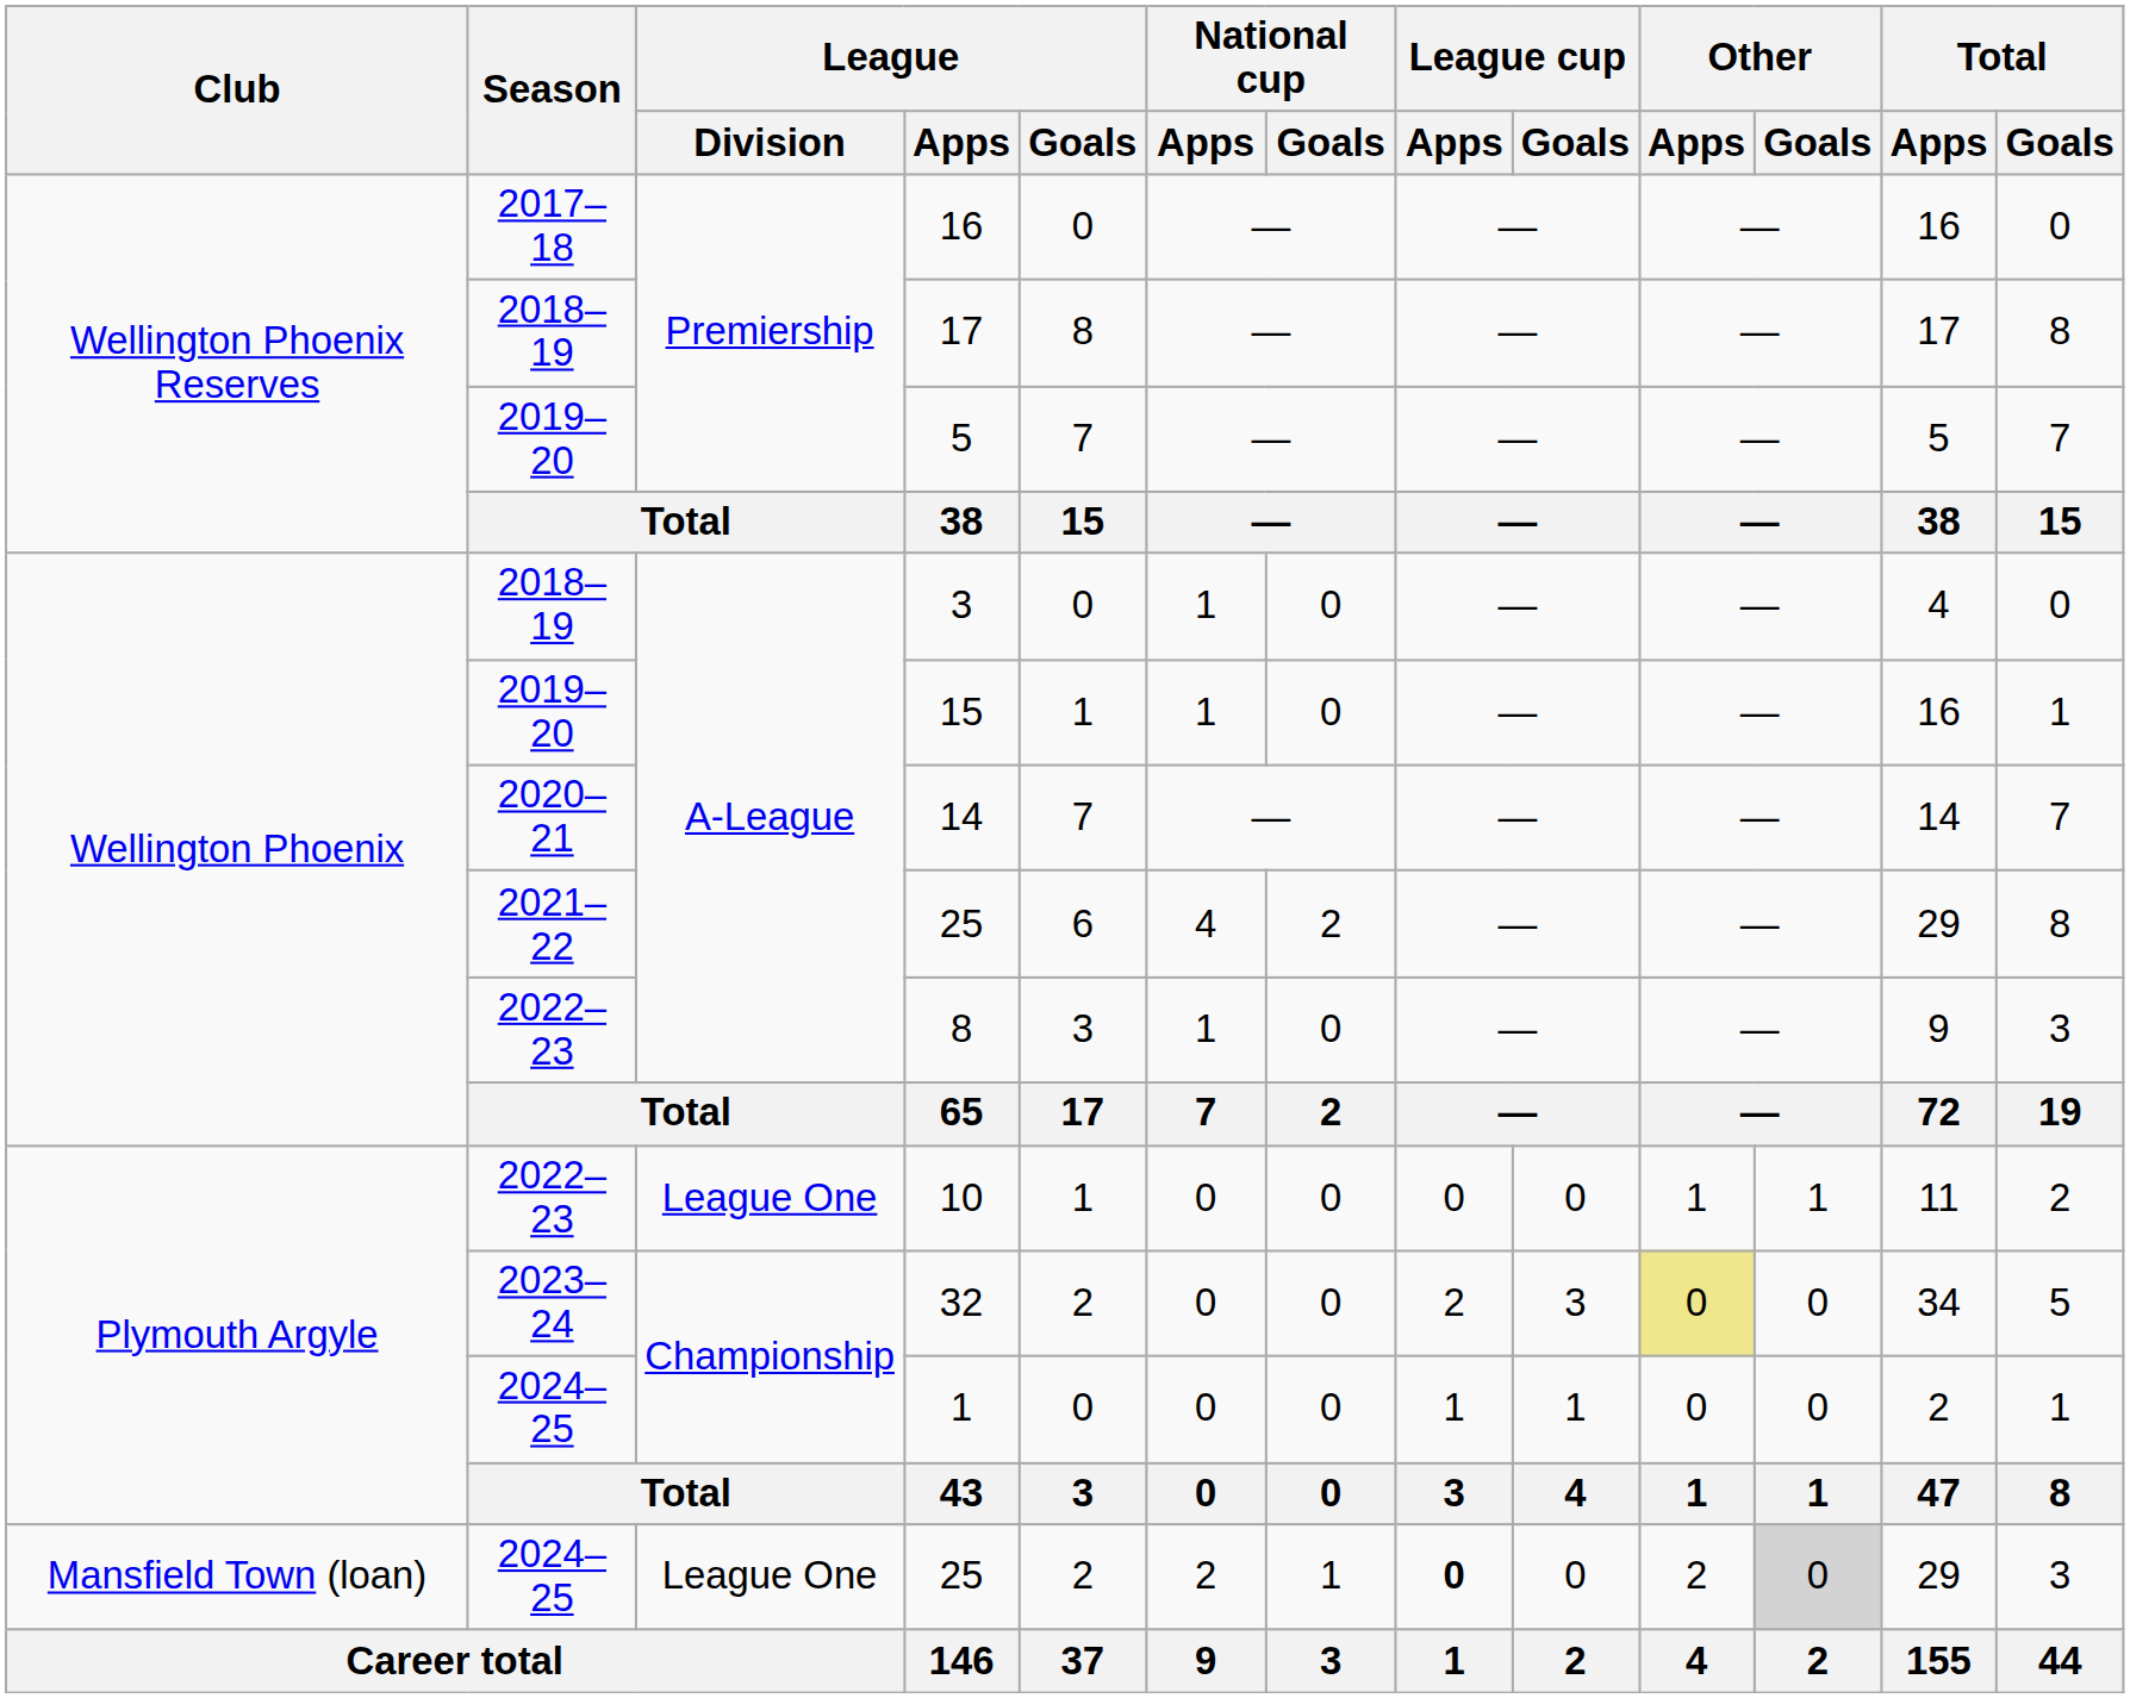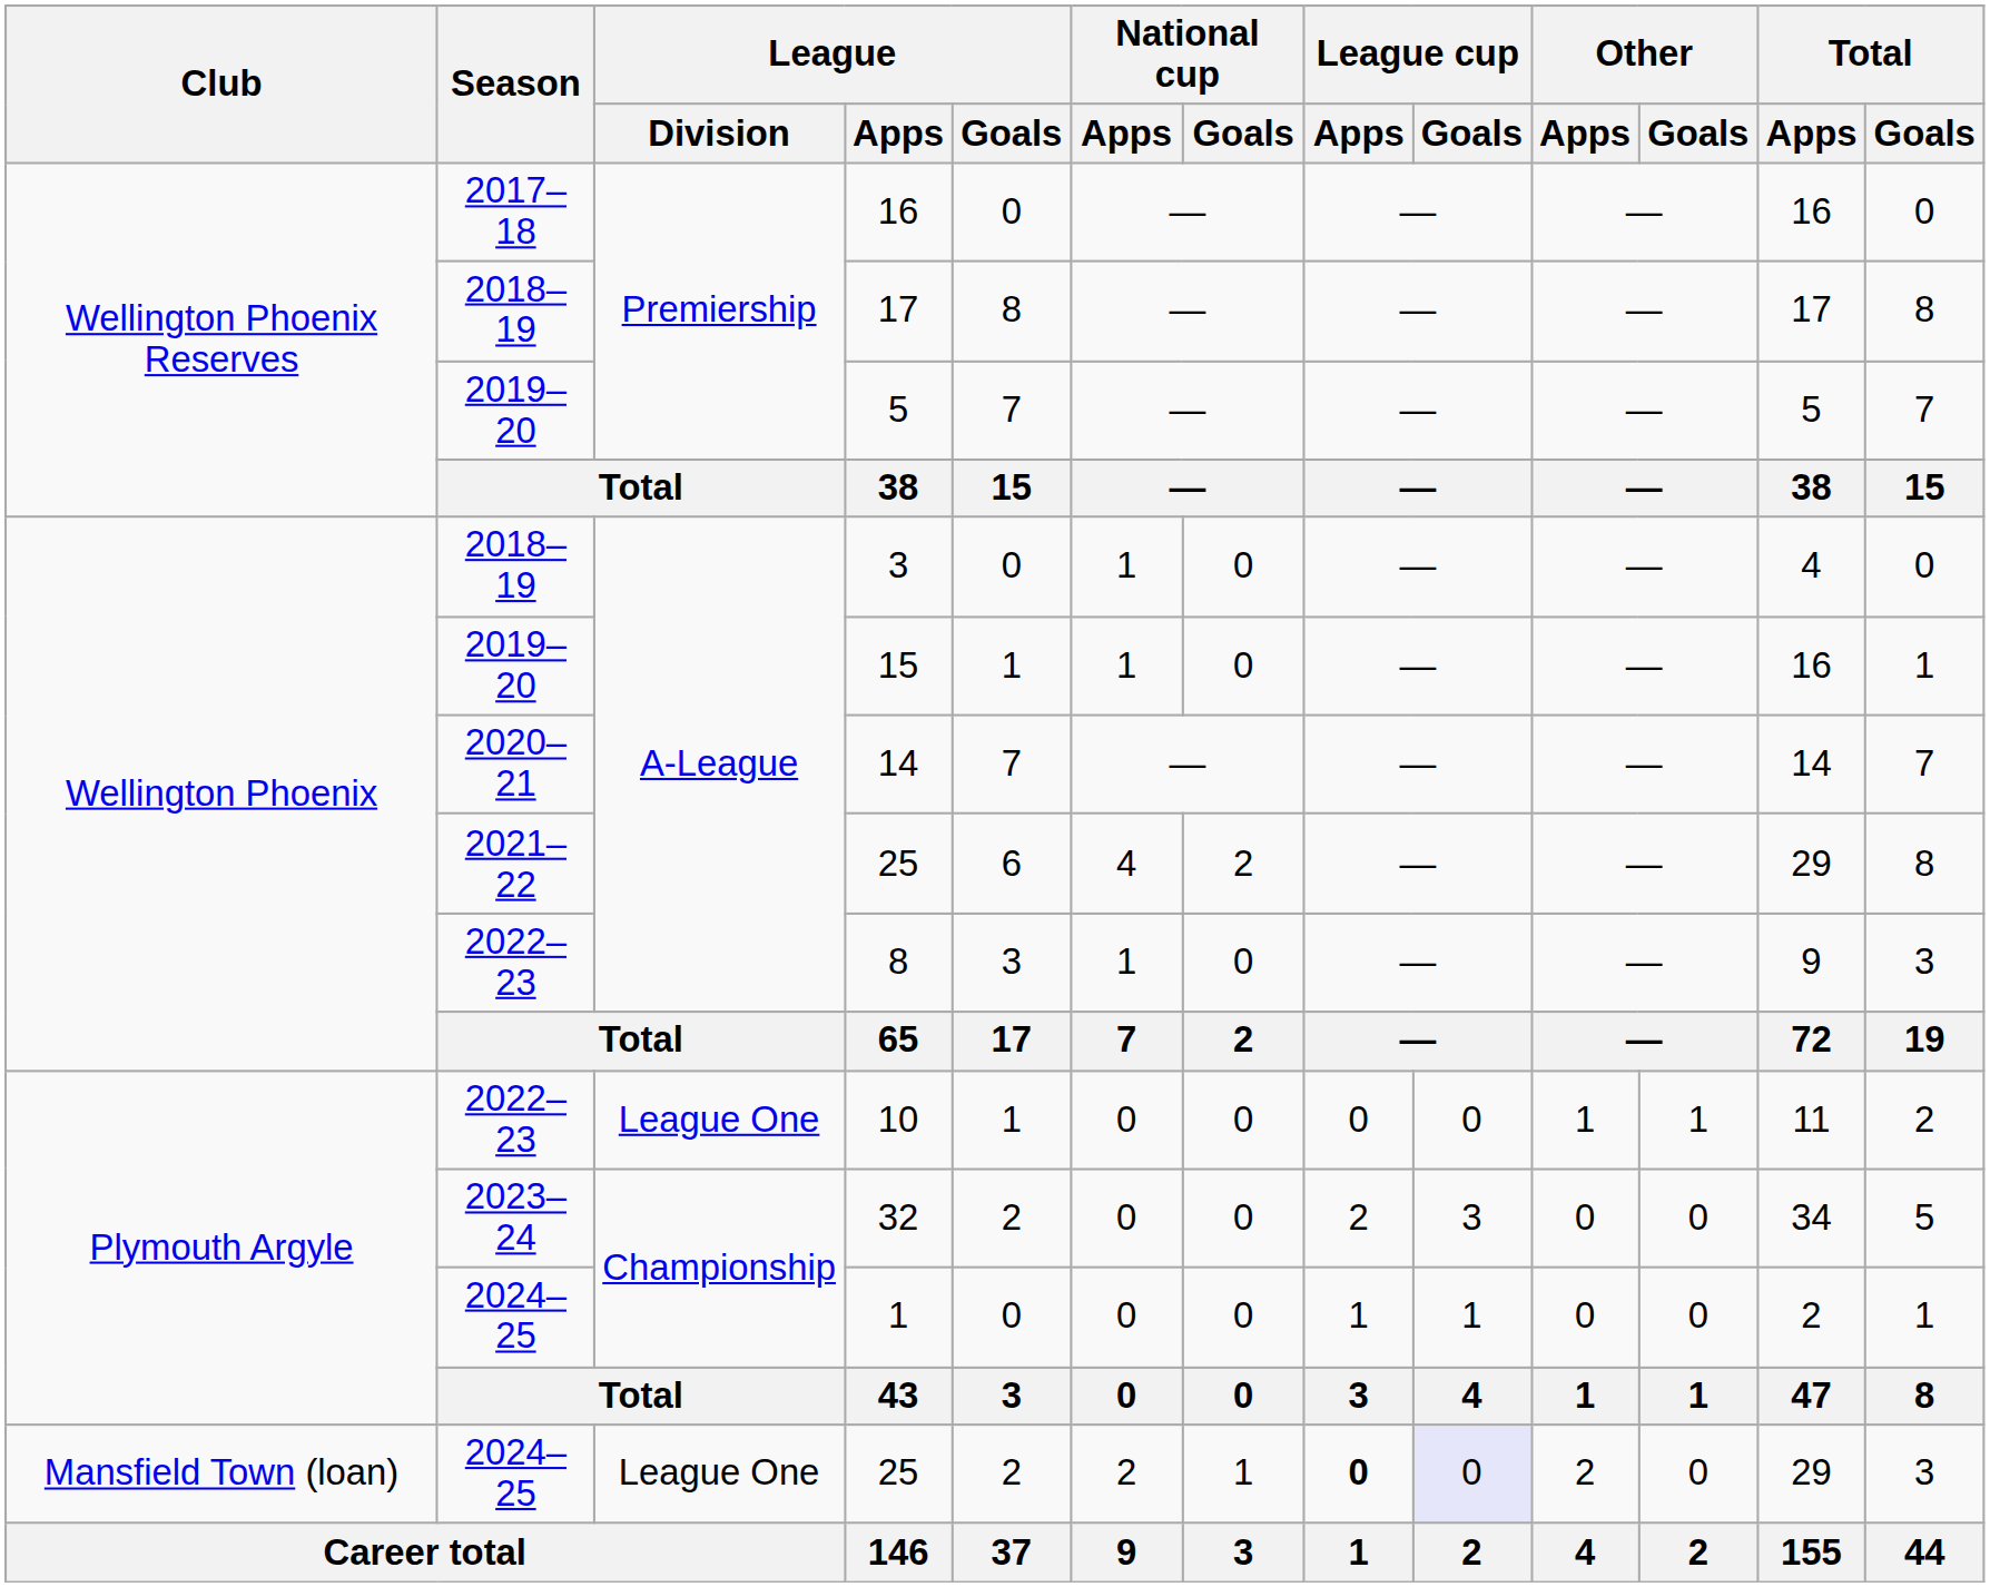 <table class="wikitable" style="text-align:center">
 <tr>
 <th rowspan="2">Club</th>
 <th rowspan="2">Season</th>
 <th colspan="3">League</th>
 <th colspan="2">National cup</th>
 <th colspan="2">League cup</th>
 <th colspan="2">Other</th>
 <th colspan="2">Total</th>
 </tr>
 <tr>
 <th>Division</th>
 <th>Apps</th>
 <th>Goals</th>
 <th>Apps</th>
 <th>Goals</th>
 <th>Apps</th>
 <th>Goals</th>
 <th>Apps</th>
 <th>Goals</th>
 <th>Apps</th>
 <th>Goals</th>
 </tr>
 <tr>
 <td rowspan="4"><a href='#'>Wellington Phoenix Reserves</a></td>
 <td><a href='#'>2017–18</a></td>
 <td rowspan=3><a href='#'>Premiership</a></td>
 <td>16</td>
 <td>0</td>
 <td colspan=2>—</td>
 <td colspan=2>—</td>
 <td colspan=2>—</td>
 <td>16</td>
 <td>0</td>
 </tr>
 <tr>
 <td><a href='#'>2018–19</a></td>
 <td>17</td>
 <td>8</td>
 <td colspan=2>—</td>
 <td colspan=2>—</td>
 <td colspan=2>—</td>
 <td>17</td>
 <td>8</td>
 </tr>
 <tr>
 <td><a href='#'>2019–20</a></td>
 <td>5</td>
 <td>7</td>
 <td colspan=2>—</td>
 <td colspan=2>—</td>
 <td colspan=2>—</td>
 <td>5</td>
 <td>7</td>
 </tr>
 <tr>
 <th colspan="2">Total</th>
 <th>38</th>
 <th>15</th>
 <th colspan=2>—</th>
 <th colspan=2>—</th>
 <th colspan=2>—</th>
 <th>38</th>
 <th>15</th>
 </tr>
 <tr>
 <td rowspan="6"><a href='#'>Wellington Phoenix</a></td>
 <td><a href='#'>2018–19</a></td>
 <td rowspan=5><a href='#'>A-League</a></td>
 <td>3</td>
 <td>0</td>
 <td>1</td>
 <td>0</td>
 <td colspan=2>—</td>
 <td colspan=2>—</td>
 <td>4</td>
 <td>0</td>
 </tr>
 <tr>
 <td><a href='#'>2019–20</a></td>
 <td>15</td>
 <td>1</td>
 <td>1</td>
 <td>0</td>
 <td colspan=2>—</td>
 <td colspan=2>—</td>
 <td>16</td>
 <td>1</td>
 </tr>
 <tr>
 <td><a href='#'>2020–21</a></td>
 <td>14</td>
 <td>7</td>
 <td colspan="2">—</td>
 <td colspan=2>—</td>
 <td colspan=2>—</td>
 <td>14</td>
 <td>7</td>
 </tr>
 <tr>
 <td><a href='#'>2021–22</a></td>
 <td>25</td>
 <td>6</td>
 <td>4</td>
 <td>2</td>
 <td colspan=2>—</td>
 <td colspan=2>—</td>
 <td>29</td>
 <td>8</td>
 </tr>
 <tr>
 <td><a href='#'>2022–23</a></td>
 <td>8</td>
 <td>3</td>
 <td>1</td>
 <td>0</td>
 <td colspan=2>—</td>
 <td colspan=2>—</td>
 <td>9</td>
 <td>3</td>
 </tr>
 <tr>
 <th colspan="2">Total</th>
 <th>65</th>
 <th>17</th>
 <th>7</th>
 <th>2</th>
 <th colspan=2>—</th>
 <th colspan=2>—</th>
 <th>72</th>
 <th>19</th>
 </tr>
 <tr>
 <td rowspan="4"><a href='#'>Plymouth Argyle</a></td>
 <td><a href='#'>2022–23</a></td>
 <td><a href='#'>League One</a></td>
 <td>10</td>
 <td>1</td>
 <td>0</td>
 <td>0</td>
 <td>0</td>
 <td>0</td>
 <td>1</td>
 <td>1</td>
 <td>11</td>
 <td>2</td>
 </tr>
 <tr>
 <td><a href='#'>2023–24</a></td>
 <td rowspan=2><a href='#'>Championship</a></td>
 <td>32</td>
 <td>2</td>
 <td>0</td>
 <td>0</td>
 <td>2</td>
 <td>3</td>
-<td style="background: khaki;">0</td>
+<td>0</td>
 <td>0</td>
 <td>34</td>
 <td>5</td>
 </tr>
 <tr>
 <td><a href='#'>2024–25</a></td>
 <td>1</td>
 <td>0</td>
 <td>0</td>
 <td>0</td>
 <td>1</td>
 <td>1</td>
 <td>0</td>
 <td>0</td>
 <td>2</td>
 <td>1</td>
 </tr>
 <tr>
 <th colspan="2">Total</th>
 <th>43</th>
 <th>3</th>
 <th>0</th>
 <th>0</th>
 <th>3</th>
 <th>4</th>
 <th>1</th>
 <th>1</th>
 <th>47</th>
 <th>8</th>
 </tr>
 <tr>
 <td><a href='#'>Mansfield Town</a> (loan)</td>
 <td><a href='#'>2024–25</a></td>
 <td>League One</td>
 <td>25</td>
 <td>2</td>
 <td>2</td>
 <td>1</td>
 <td><strong>0</strong></td>
+<td style="background: lavender;">0</td>
+<td>2</td>
 <td>0</td>
-<td>2</td>
-<td style="background: lightgrey;">0</td>
 <td>29</td>
 <td>3</td>
 </tr>
 <tr>
 <th colspan="3">Career total</th>
 <th>146</th>
 <th>37</th>
 <th>9</th>
 <th>3</th>
 <th>1</th>
 <th>2</th>
 <th>4</th>
 <th>2</th>
 <th>155</th>
 <th>44</th>
 </tr>
 </table>
